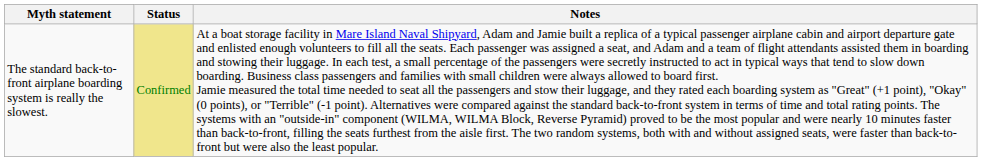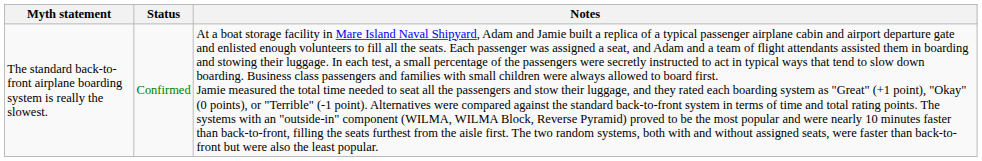 <table class="wikitable plainrowheaders">
 <tr>
 <th>Myth statement</th>
 <th>Status</th>
 <th>Notes</th>
 </tr>
 <tr>
 <td>The standard back-to-front airplane boarding system is really the slowest.</td>
-<td style="background: khaki; color:green">Confirmed</td>
+<td style="color:green">Confirmed</td>
 <td>At a boat storage facility in <a href='#'>Mare Island Naval Shipyard</a>, Adam and Jamie built a replica of a typical passenger airplane cabin and airport departure gate and enlisted enough volunteers to fill all the seats. Each passenger was assigned a seat, and Adam and a team of flight attendants assisted them in boarding and stowing their luggage. In each test, a small percentage of the passengers were secretly instructed to act in typical ways that tend to slow down boarding. Business class passengers and families with small children were always allowed to board first.<br>Jamie measured the total time needed to seat all the passengers and stow their luggage, and they rated each boarding system as "Great" (+1 point), "Okay" (0 points), or "Terrible" (-1 point). Alternatives were compared against the standard back-to-front system in terms of time and total rating points. The systems with an "outside-in" component (WILMA, WILMA Block, Reverse Pyramid) proved to be the most popular and were nearly 10 minutes faster than back-to-front, filling the seats furthest from the aisle first. The two random systems, both with and without assigned seats, were faster than back-to-front but were also the least popular.</td>
 </tr>
 </table>
